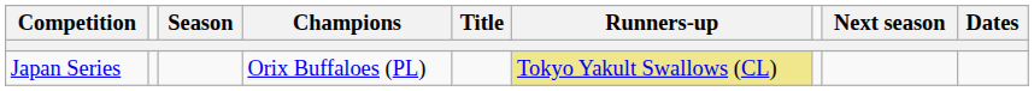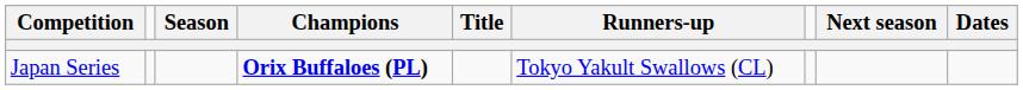 <table class="wikitable">
 <tr>
 <th>Competition</th>
 <td width="1%" rowspan=1></td>
 <th>Season</th>
 <th>Champions</th>
 <th>Title</th>
 <th>Runners-up</th>
 <td width="1%" rowspan=1></td>
 <th>Next season</th>
 <th>Dates</th>
 </tr>
 <tr>
 <th colspan=9></th>
 </tr>
 <tr>
 <td><a href='#'>Japan Series</a></td>
 <td width="1%" rowspan=1></td>
 <td></td>
-<td><a href='#'>Orix Buffaloes</a> (<a href='#'>PL</a>)</td>
+<td><strong><a href='#'>Orix Buffaloes</a> (<a href='#'>PL</a>)</strong></td>
 <td></td>
-<td style="background: khaki;"><a href='#'>Tokyo Yakult Swallows</a> (<a href='#'>CL</a>)</td>
+<td><a href='#'>Tokyo Yakult Swallows</a> (<a href='#'>CL</a>)</td>
 <td width="1%" rowspan=1></td>
 <td></td>
 <td></td>
 </tr>
 </table>
